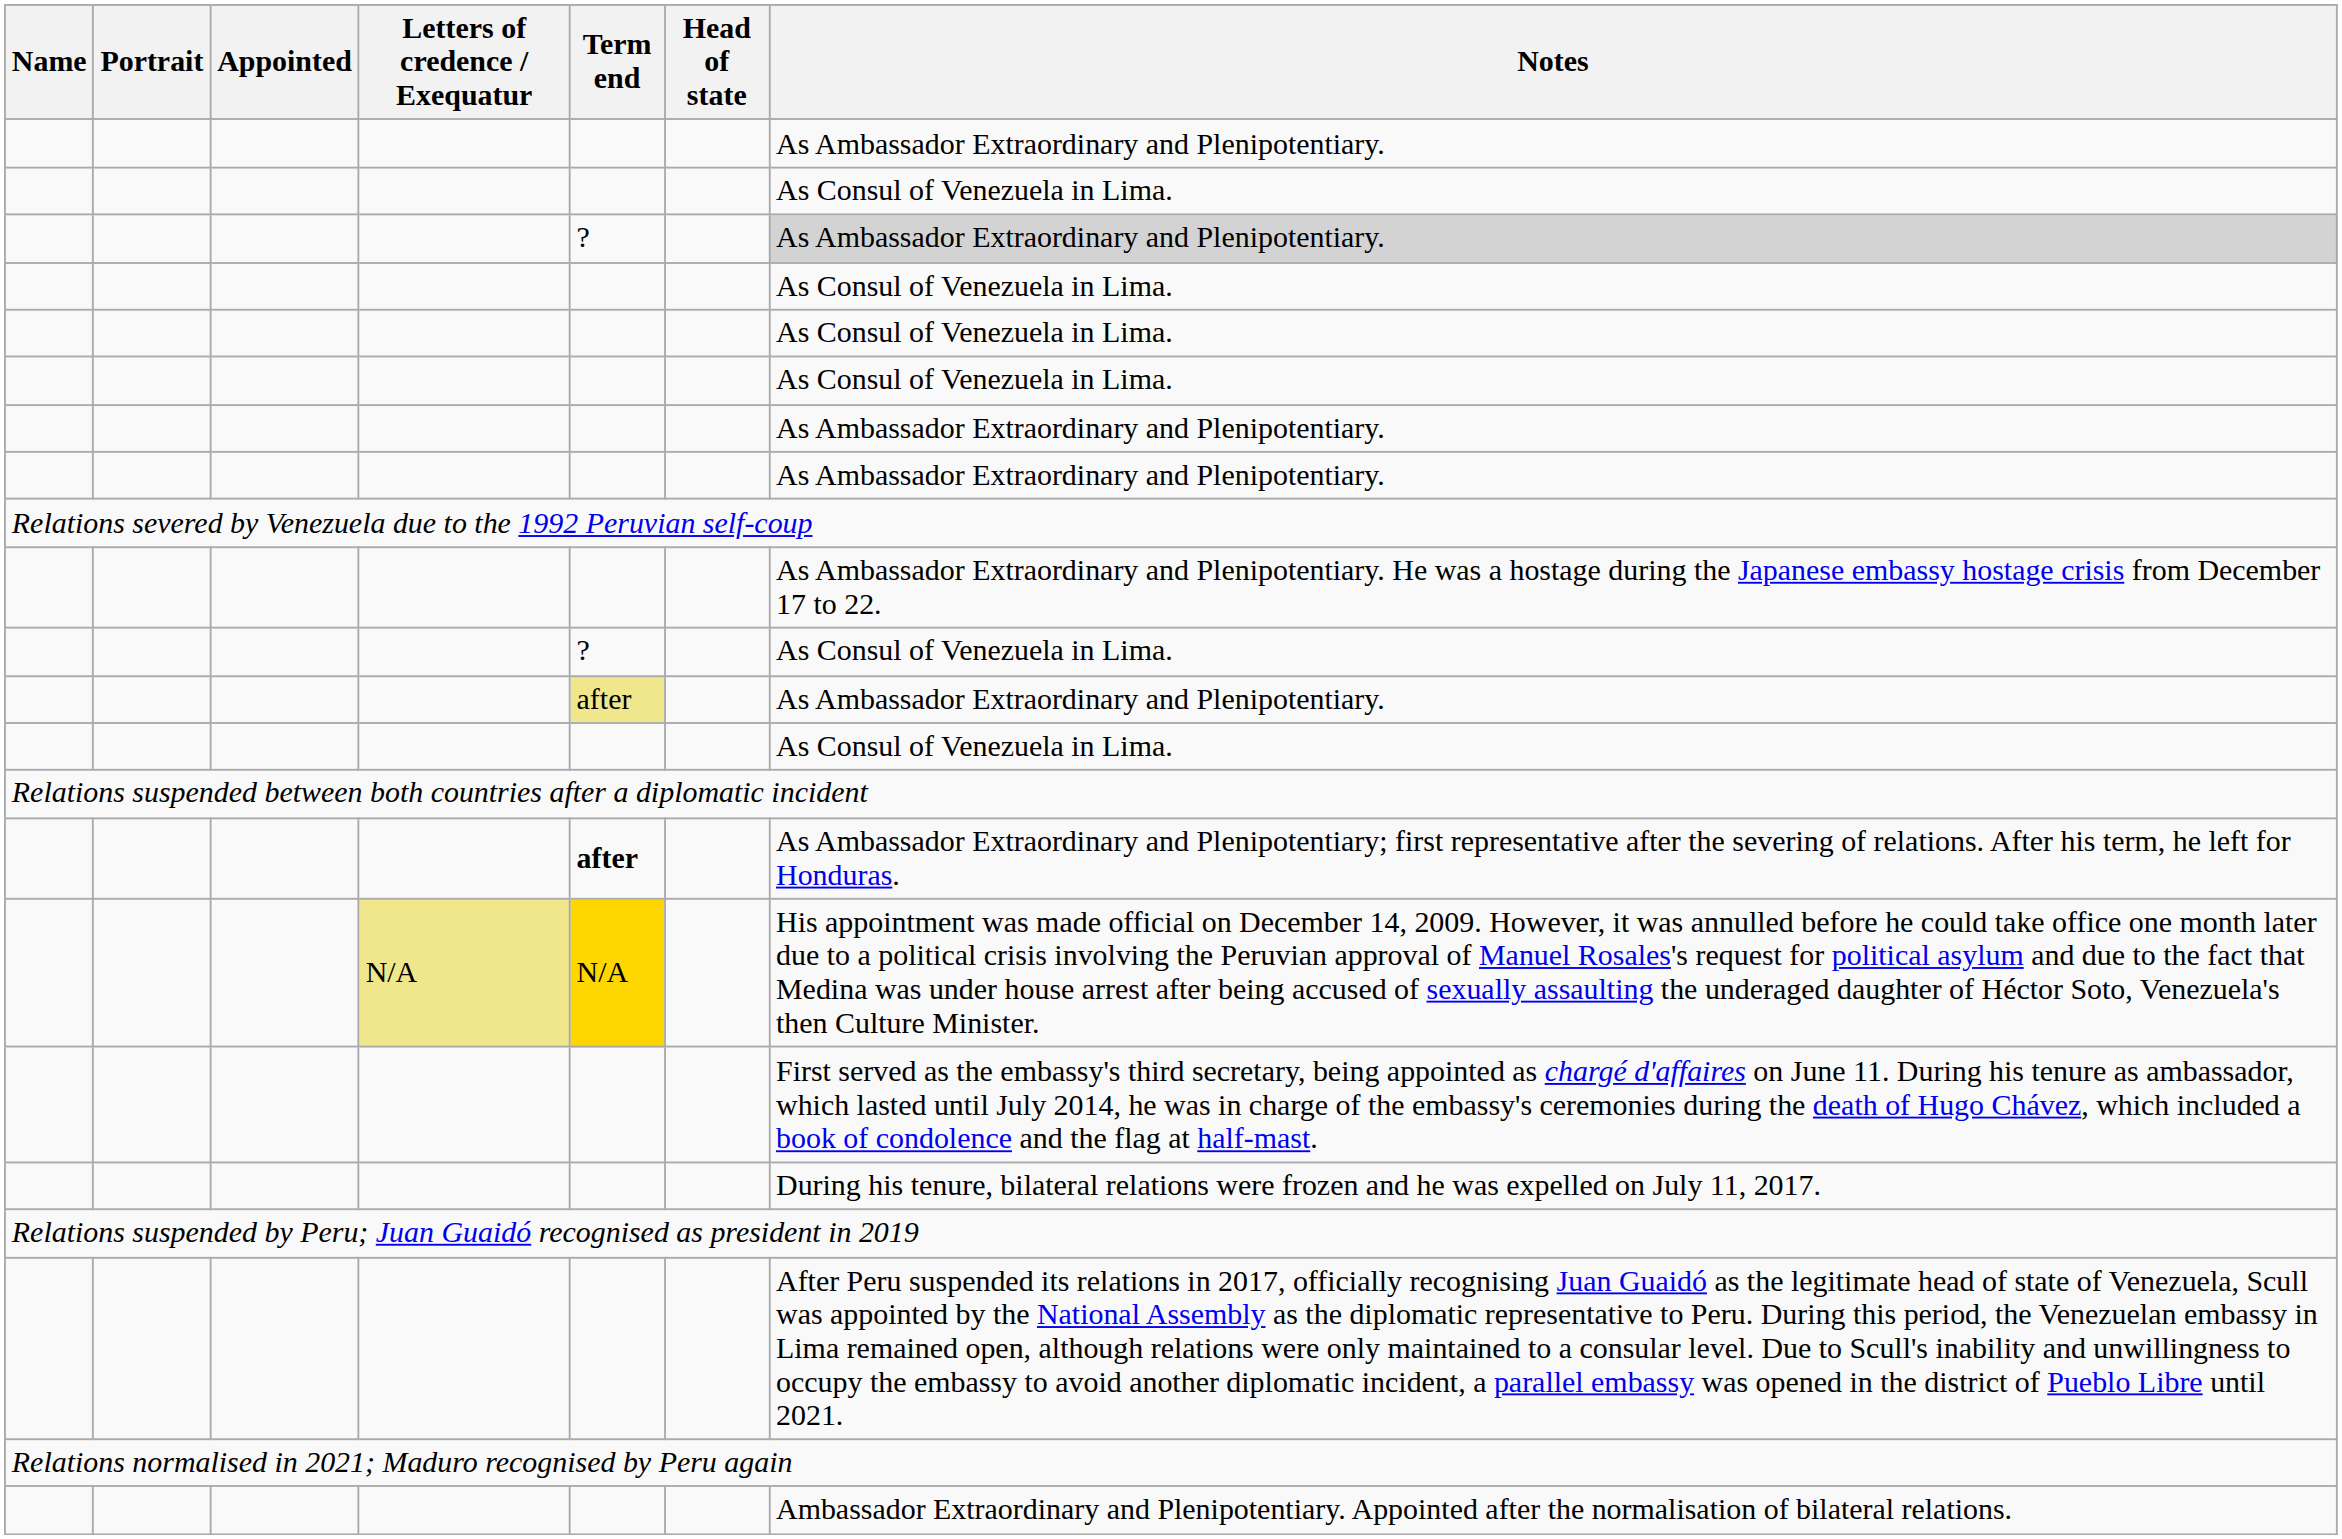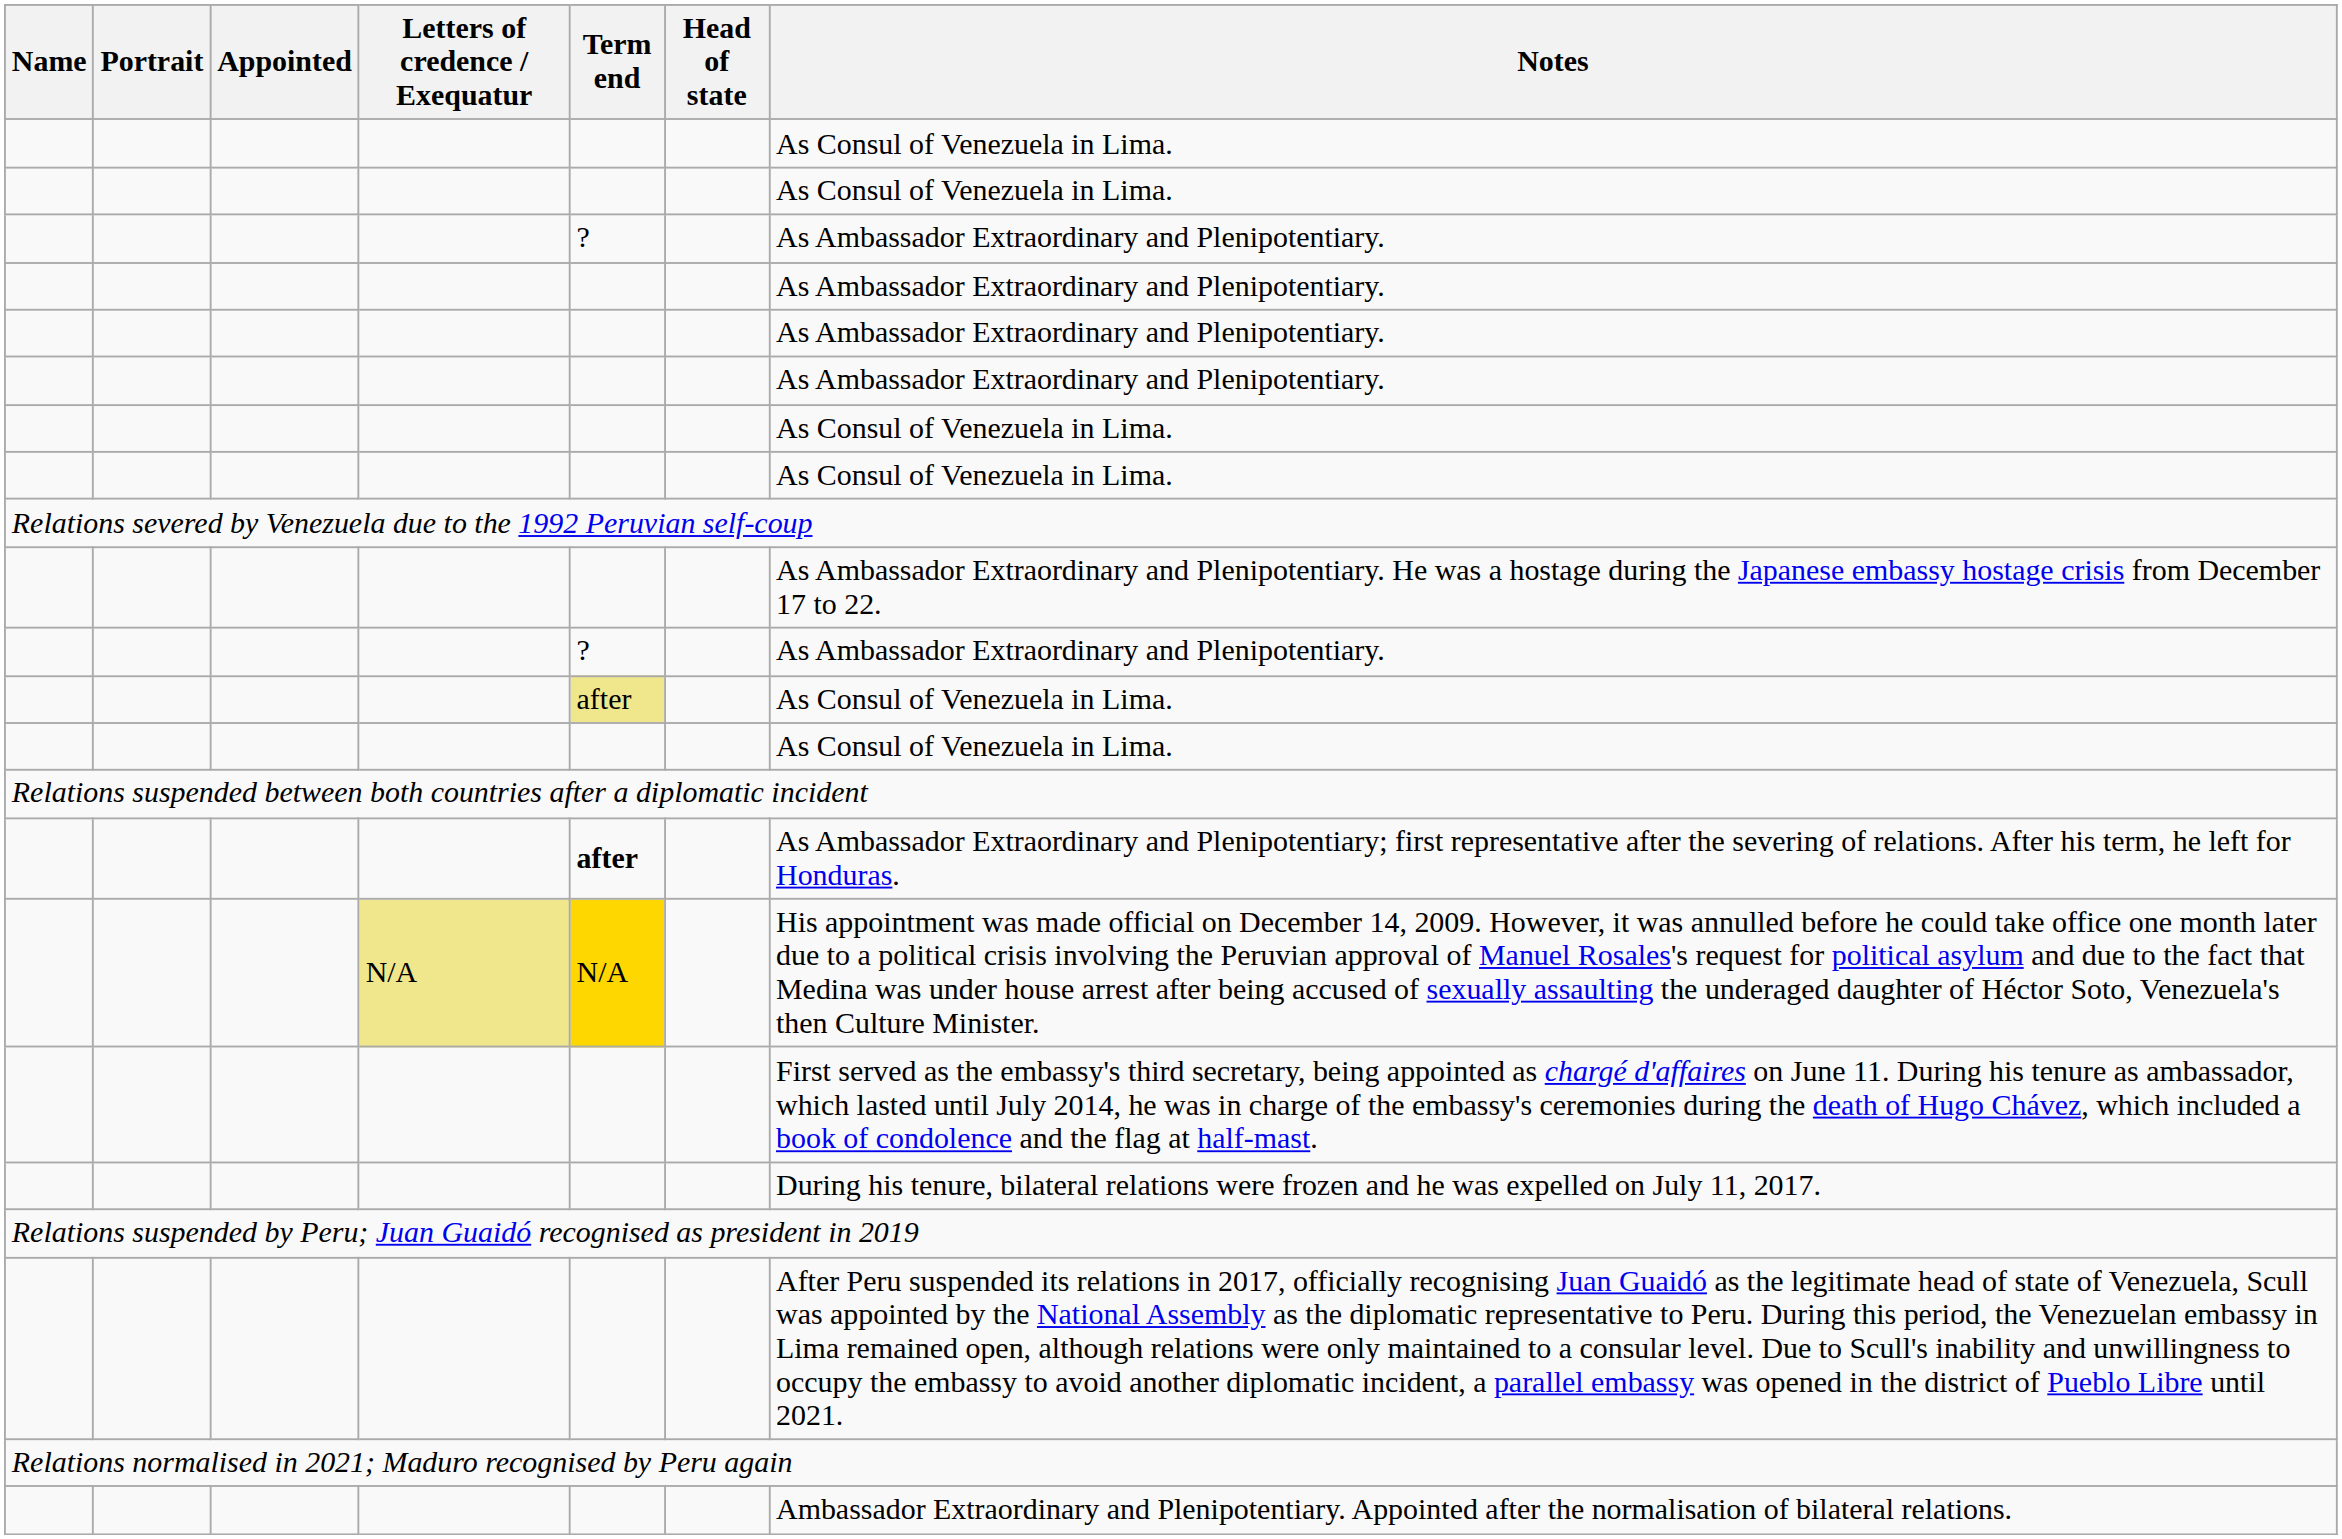 <table class="wikitable sortable"  text-align:center;">
 <tr>
 <th>Name</th>
 <th class="unsortable">Portrait</th>
 <th>Appointed</th>
 <th>Letters of credence / Exequatur</th>
 <th>Term end</th>
 <th>Head of state</th>
 <th class="unsortable">Notes</th>
+</tr>
+<tr>
+<td></td>
+<td></td>
+<td></td>
+<td></td>
+<td></td>
+<td></td>
+<td>As Consul of Venezuela in Lima.</td>
+</tr>
+<tr>
+<td></td>
+<td></td>
+<td></td>
+<td></td>
+<td></td>
+<td></td>
+<td>As Consul of Venezuela in Lima.</td>
+</tr>
+<tr>
+<td></td>
+<td></td>
+<td></td>
+<td></td>
+<td>?</td>
+<td></td>
+<td>As Ambassador Extraordinary and Plenipotentiary.</td>
+</tr>
+<tr>
+<td></td>
+<td></td>
+<td></td>
+<td></td>
+<td></td>
+<td></td>
+<td>As Ambassador Extraordinary and Plenipotentiary.</td>
+</tr>
+<tr>
+<td></td>
+<td></td>
+<td></td>
+<td></td>
+<td></td>
+<td></td>
+<td>As Ambassador Extraordinary and Plenipotentiary.</td>
 </tr>
 <tr>
 <td></td>
 <td></td>
 <td></td>
 <td></td>
 <td></td>
 <td></td>
 <td>As Ambassador Extraordinary and Plenipotentiary.</td>
 </tr>
 <tr>
 <td></td>
 <td></td>
 <td></td>
 <td></td>
 <td></td>
 <td></td>
 <td>As Consul of Venezuela in Lima.</td>
 </tr>
 <tr>
 <td></td>
 <td></td>
 <td></td>
 <td></td>
-<td>?</td>
-<td></td>
-<td style="background: lightgrey;">As Ambassador Extraordinary and Plenipotentiary.</td>
-</tr>
-<tr>
-<td></td>
-<td></td>
-<td></td>
-<td></td>
 <td></td>
 <td></td>
 <td>As Consul of Venezuela in Lima.</td>
-</tr>
-<tr>
-<td></td>
-<td></td>
-<td></td>
-<td></td>
-<td></td>
-<td></td>
-<td>As Consul of Venezuela in Lima.</td>
-</tr>
-<tr>
-<td></td>
-<td></td>
-<td></td>
-<td></td>
-<td></td>
-<td></td>
-<td>As Consul of Venezuela in Lima.</td>
-</tr>
-<tr>
-<td></td>
-<td></td>
-<td></td>
-<td></td>
-<td></td>
-<td></td>
-<td>As Ambassador Extraordinary and Plenipotentiary.</td>
-</tr>
-<tr>
-<td></td>
-<td></td>
-<td></td>
-<td></td>
-<td></td>
-<td></td>
-<td>As Ambassador Extraordinary and Plenipotentiary.</td>
 </tr>
 <tr>
 <td colspan=7><div><em>Relations severed by Venezuela due to the <a href='#'>1992 Peruvian self-coup</a></em></div></td>
 </tr>
 <tr>
 <td></td>
 <td></td>
 <td></td>
 <td></td>
 <td></td>
 <td></td>
 <td>As Ambassador Extraordinary and Plenipotentiary. He was a hostage during the <a href='#'>Japanese embassy hostage crisis</a> from December 17 to 22.</td>
 </tr>
 <tr>
 <td></td>
 <td></td>
 <td></td>
 <td></td>
 <td>?</td>
 <td></td>
-<td>As Consul of Venezuela in Lima.</td>
+<td>As Ambassador Extraordinary and Plenipotentiary.</td>
 </tr>
 <tr>
 <td></td>
 <td></td>
 <td></td>
 <td></td>
 <td style="background: khaki;">after </td>
 <td></td>
-<td>As Ambassador Extraordinary and Plenipotentiary.</td>
+<td>As Consul of Venezuela in Lima.</td>
 </tr>
 <tr>
 <td></td>
 <td></td>
 <td></td>
 <td></td>
 <td></td>
 <td></td>
 <td>As Consul of Venezuela in Lima.</td>
 </tr>
 <tr>
 <td colspan=7><div><em>Relations suspended between both countries after a diplomatic incident</em></div></td>
 </tr>
 <tr>
 <td></td>
 <td></td>
 <td></td>
 <td></td>
 <td><strong>after </strong></td>
 <td></td>
 <td>As Ambassador Extraordinary and Plenipotentiary; first representative after the severing of relations. After his term, he left for <a href='#'>Honduras</a>.</td>
 </tr>
 <tr>
 <td></td>
 <td></td>
 <td></td>
 <td style="background: khaki;">N/A</td>
 <td style="background: gold;">N/A</td>
 <td></td>
 <td>His appointment was made official on December 14, 2009. However, it was annulled before he could take office one month later due to a political crisis involving the Peruvian approval of <a href='#'>Manuel Rosales</a>'s request for <a href='#'>political asylum</a> and due to the fact that Medina was under house arrest after being accused of <a href='#'>sexually assaulting</a> the underaged daughter of Héctor Soto, Venezuela's then Culture Minister.</td>
 </tr>
 <tr>
 <td></td>
 <td></td>
 <td></td>
 <td></td>
 <td></td>
 <td></td>
 <td>First served as the embassy's third secretary, being appointed as <em><a href='#'>chargé d'affaires</a></em> on June 11. During his tenure as ambassador, which lasted until July 2014, he was in charge of the embassy's ceremonies during the <a href='#'>death of Hugo Chávez</a>, which included a <a href='#'>book of condolence</a> and the flag at <a href='#'>half-mast</a>.</td>
 </tr>
 <tr>
 <td></td>
 <td></td>
 <td></td>
 <td></td>
 <td></td>
 <td></td>
 <td>During his tenure, bilateral relations were frozen and he was expelled on July 11, 2017.</td>
 </tr>
 <tr>
 <td colspan=7><div><em>Relations suspended by Peru; <a href='#'>Juan Guaidó</a> recognised as president in 2019</em></div></td>
 </tr>
 <tr>
 <td></td>
 <td></td>
 <td></td>
 <td></td>
 <td></td>
 <td></td>
 <td>After Peru suspended its relations in 2017, officially recognising <a href='#'>Juan Guaidó</a> as the legitimate head of state of Venezuela, Scull was appointed by the <a href='#'>National Assembly</a> as the diplomatic representative to Peru. During this period, the Venezuelan embassy in Lima remained open, although relations were only maintained to a consular level. Due to Scull's inability and unwillingness to occupy the embassy to avoid another diplomatic incident, a <a href='#'>parallel embassy</a> was opened in the district of <a href='#'>Pueblo Libre</a> until 2021.</td>
 </tr>
 <tr>
 <td colspan=7><div><em>Relations normalised in 2021; Maduro recognised by Peru again</em></div></td>
 </tr>
 <tr>
 <td></td>
 <td></td>
 <td></td>
 <td></td>
 <td></td>
 <td></td>
 <td>Ambassador Extraordinary and Plenipotentiary. Appointed after the normalisation of bilateral relations.</td>
 </tr>
 <tr>
 </tr>
 </table>
